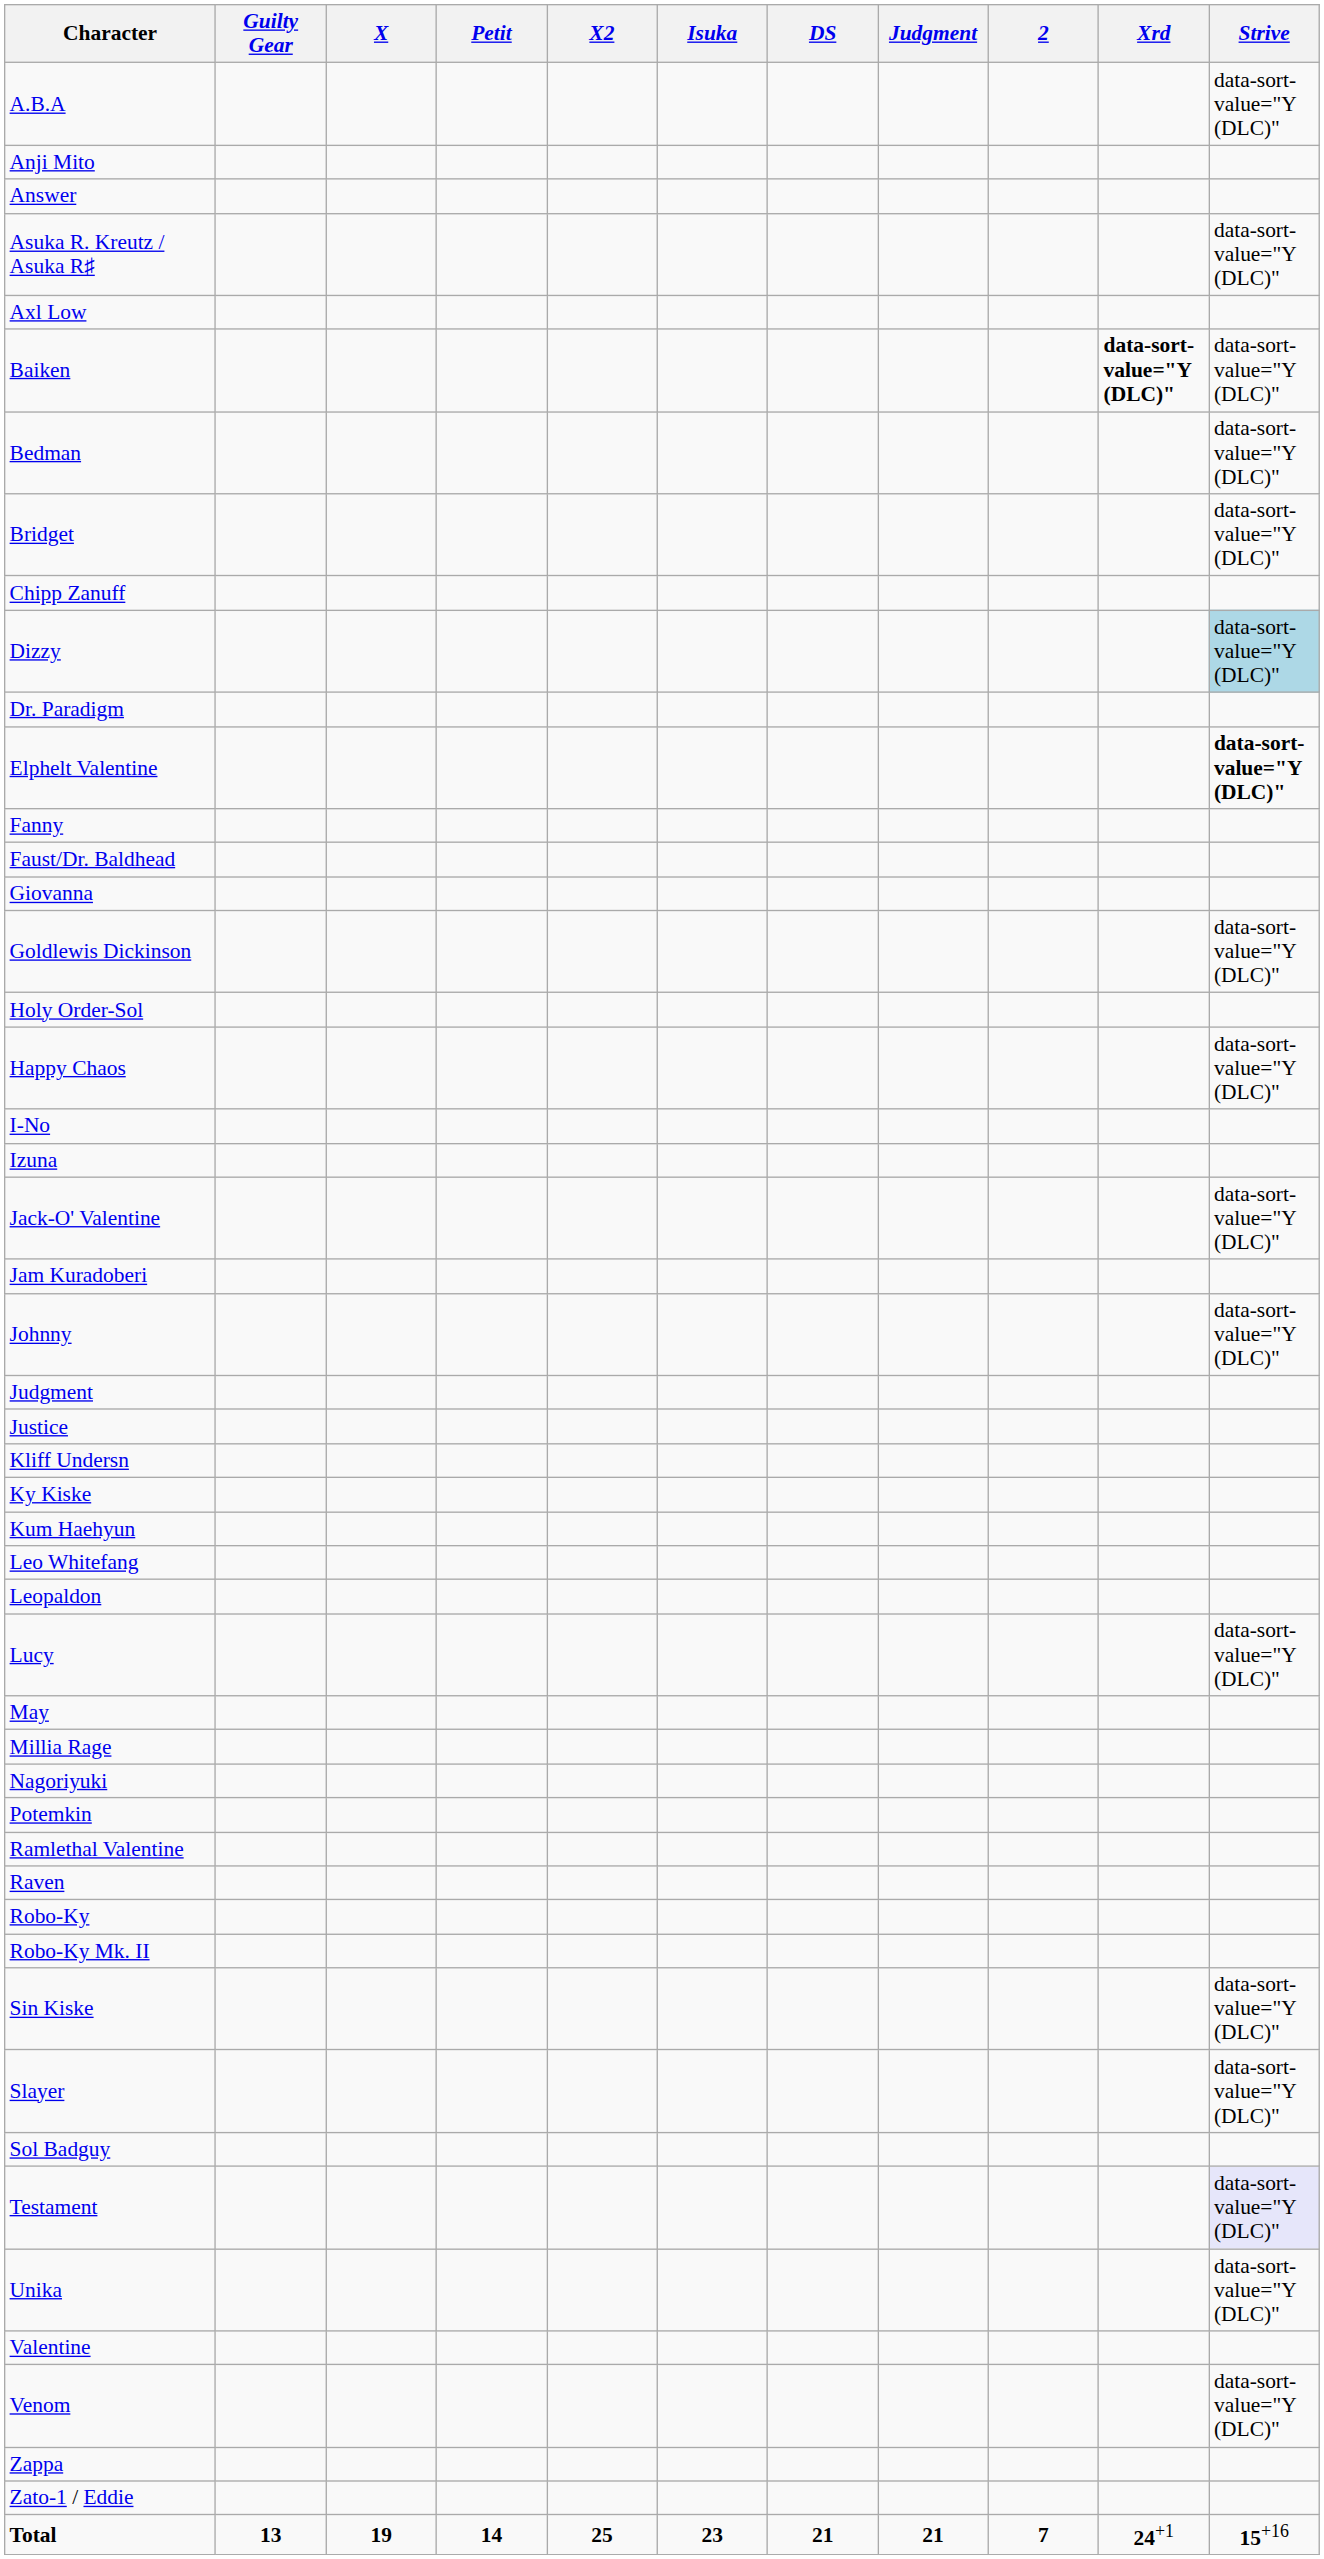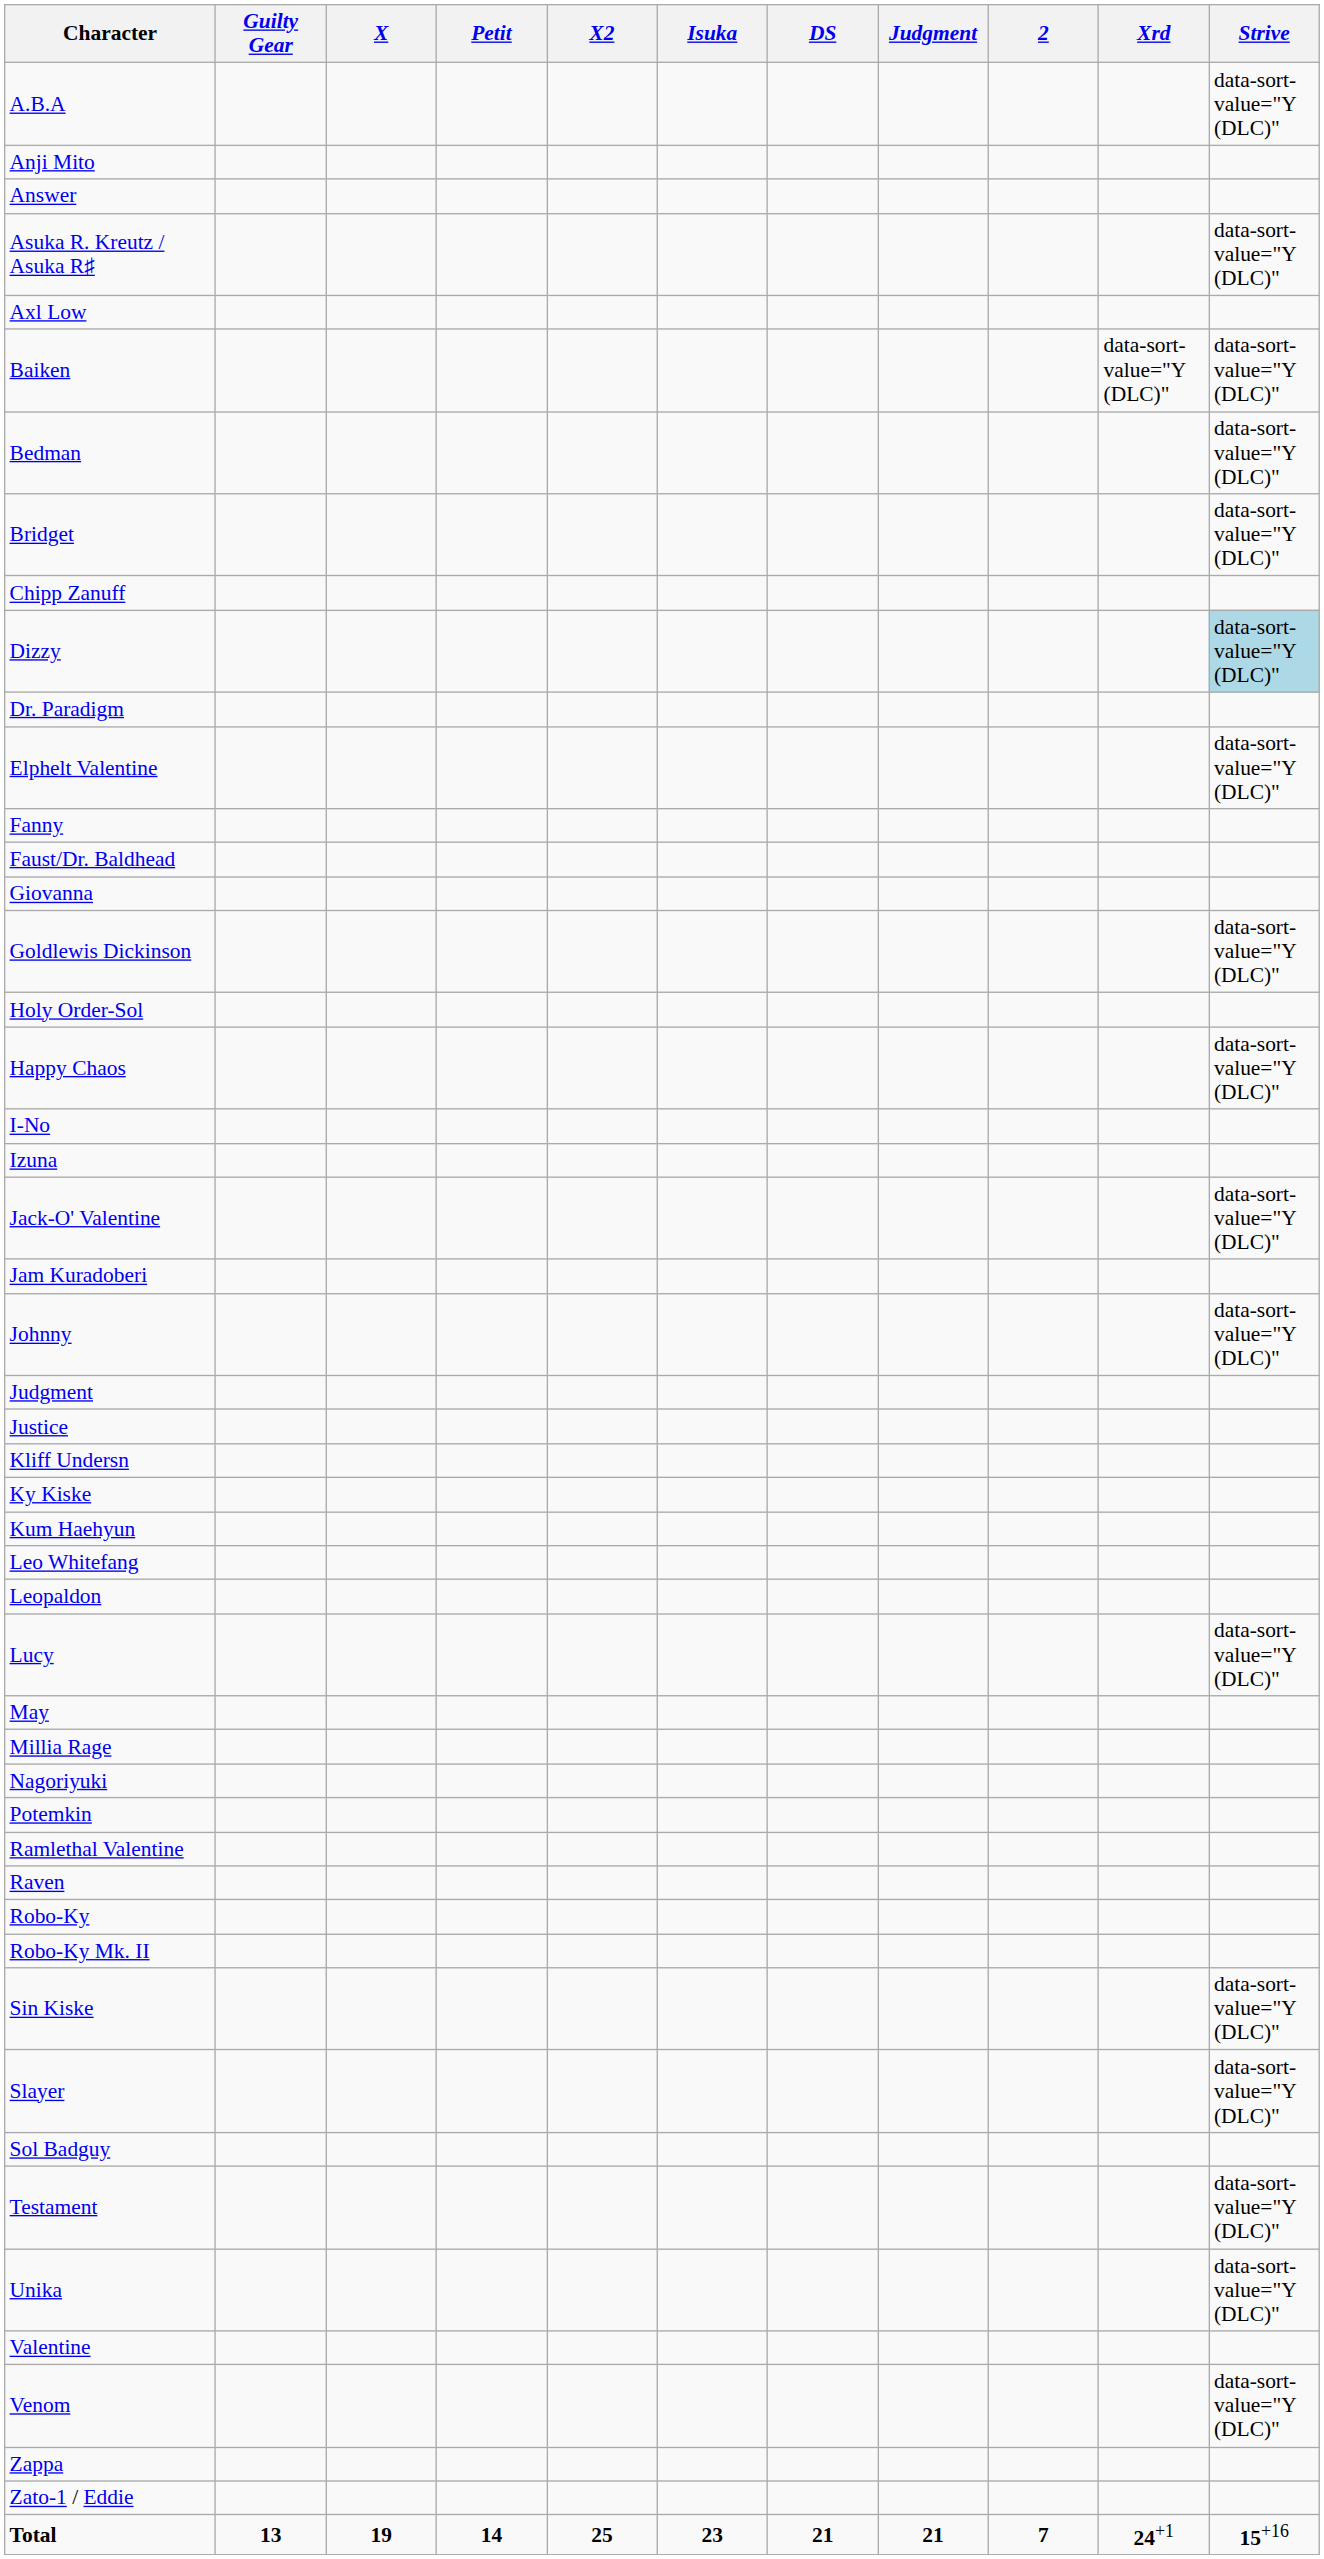 <table class="wikitable sortable">
 <tr>
 <th width=150>Character</th>
 <th style="text-align:center; width:75px;"><em><a href='#'>Guilty Gear</a></em></th>
 <th style="text-align:center; width:75px;"><em><a href='#'>X</a></em></th>
 <th style="text-align:center; width:75px;"><em><a href='#'>Petit</a></em></th>
 <th style="text-align:center; width:75px;"><em><a href='#'>X2</a></em></th>
 <th style="text-align:center; width:75px;"><em><a href='#'>Isuka</a></em></th>
 <th style="text-align:center; width:75px;"><em><a href='#'>DS</a></em></th>
 <th style="text-align:center; width:75px;"><em><a href='#'>Judgment</a></em></th>
 <th style="text-align:center; width:75px;"><em><a href='#'>2</a></em></th>
 <th style="text-align:center; width:75px;"><em><a href='#'>Xrd</a></em></th>
 <th style="text-align:center; width:75px;"><em><a href='#'>Strive</a></em></th>
 </tr>
 <tr>
 <td> <a href='#'>A.B.A</a></td>
 <td></td>
 <td></td>
 <td></td>
 <td></td>
 <td></td>
 <td></td>
 <td></td>
 <td></td>
 <td></td>
 <td>data-sort-value="Y (DLC)" </td>
 </tr>
 <tr>
 <td> <a href='#'>Anji Mito</a></td>
 <td></td>
 <td></td>
 <td></td>
 <td></td>
 <td></td>
 <td></td>
 <td></td>
 <td></td>
 <td></td>
 <td></td>
 </tr>
 <tr>
 <td> <a href='#'>Answer</a></td>
 <td></td>
 <td></td>
 <td></td>
 <td></td>
 <td></td>
 <td></td>
 <td></td>
 <td></td>
 <td></td>
 <td></td>
 </tr>
 <tr>
 <td> <a href='#'>Asuka R. Kreutz / Asuka R♯</a></td>
 <td></td>
 <td></td>
 <td></td>
 <td></td>
 <td></td>
 <td></td>
 <td></td>
 <td></td>
 <td></td>
 <td>data-sort-value="Y (DLC)" </td>
 </tr>
 <tr>
 <td> <a href='#'>Axl Low</a></td>
 <td></td>
 <td></td>
 <td></td>
 <td></td>
 <td></td>
 <td></td>
 <td></td>
 <td></td>
 <td></td>
 <td></td>
 </tr>
 <tr>
 <td> <a href='#'>Baiken</a></td>
 <td></td>
 <td></td>
 <td></td>
 <td></td>
 <td></td>
 <td></td>
 <td></td>
 <td></td>
-<td><strong>data-sort-value="Y (DLC)" </strong></td>
+<td>data-sort-value="Y (DLC)" </td>
 <td>data-sort-value="Y (DLC)" </td>
 </tr>
 <tr>
 <td> <a href='#'>Bedman</a></td>
 <td></td>
 <td></td>
 <td></td>
 <td></td>
 <td></td>
 <td></td>
 <td></td>
 <td></td>
 <td></td>
 <td>data-sort-value="Y (DLC)" </td>
 </tr>
 <tr>
 <td> <a href='#'>Bridget</a></td>
 <td></td>
 <td></td>
 <td></td>
 <td></td>
 <td></td>
 <td></td>
 <td></td>
 <td></td>
 <td></td>
 <td>data-sort-value="Y (DLC)" </td>
 </tr>
 <tr>
 <td> <a href='#'>Chipp Zanuff</a></td>
 <td></td>
 <td></td>
 <td></td>
 <td></td>
 <td></td>
 <td></td>
 <td></td>
 <td></td>
 <td></td>
 <td></td>
 </tr>
 <tr>
 <td> <a href='#'>Dizzy</a></td>
 <td></td>
 <td></td>
 <td></td>
 <td></td>
 <td></td>
 <td></td>
 <td></td>
 <td></td>
 <td></td>
 <td style="background: lightblue;">data-sort-value="Y (DLC)" </td>
 </tr>
 <tr>
 <td> <a href='#'>Dr. Paradigm</a></td>
 <td></td>
 <td></td>
 <td></td>
 <td></td>
 <td></td>
 <td></td>
 <td></td>
 <td></td>
 <td></td>
 <td></td>
 </tr>
 <tr>
 <td> <a href='#'>Elphelt Valentine</a></td>
 <td></td>
 <td></td>
 <td></td>
 <td></td>
 <td></td>
 <td></td>
 <td></td>
 <td></td>
 <td></td>
-<td><strong>data-sort-value="Y (DLC)" </strong></td>
+<td>data-sort-value="Y (DLC)" </td>
 </tr>
 <tr>
 <td> <a href='#'>Fanny</a></td>
 <td></td>
 <td></td>
 <td></td>
 <td></td>
 <td></td>
 <td></td>
 <td></td>
 <td></td>
 <td></td>
 <td></td>
 </tr>
 <tr>
 <td> <a href='#'>Faust/Dr. Baldhead</a></td>
 <td></td>
 <td></td>
 <td></td>
 <td></td>
 <td></td>
 <td></td>
 <td></td>
 <td></td>
 <td></td>
 <td></td>
 </tr>
 <tr>
 <td> <a href='#'>Giovanna</a></td>
 <td></td>
 <td></td>
 <td></td>
 <td></td>
 <td></td>
 <td></td>
 <td></td>
 <td></td>
 <td></td>
 <td></td>
 </tr>
 <tr>
 <td> <a href='#'>Goldlewis Dickinson</a></td>
 <td></td>
 <td></td>
 <td></td>
 <td></td>
 <td></td>
 <td></td>
 <td></td>
 <td></td>
 <td></td>
 <td>data-sort-value="Y (DLC)" </td>
 </tr>
 <tr>
 <td> <a href='#'>Holy Order-Sol</a></td>
 <td></td>
 <td></td>
 <td></td>
 <td></td>
 <td></td>
 <td></td>
 <td></td>
 <td></td>
 <td></td>
 <td></td>
 </tr>
 <tr>
 <td> <a href='#'>Happy Chaos</a></td>
 <td></td>
 <td></td>
 <td></td>
 <td></td>
 <td></td>
 <td></td>
 <td></td>
 <td></td>
 <td></td>
 <td>data-sort-value="Y (DLC)" </td>
 </tr>
 <tr>
 <td> <a href='#'>I-No</a></td>
 <td></td>
 <td></td>
 <td></td>
 <td></td>
 <td></td>
 <td></td>
 <td></td>
 <td></td>
 <td></td>
 <td></td>
 </tr>
 <tr>
 <td> <a href='#'>Izuna</a></td>
 <td></td>
 <td></td>
 <td></td>
 <td></td>
 <td></td>
 <td></td>
 <td></td>
 <td></td>
 <td></td>
 <td></td>
 </tr>
 <tr>
 <td> <a href='#'>Jack-O' Valentine</a></td>
 <td></td>
 <td></td>
 <td></td>
 <td></td>
 <td></td>
 <td></td>
 <td></td>
 <td></td>
 <td></td>
 <td>data-sort-value="Y (DLC)" </td>
 </tr>
 <tr>
 <td> <a href='#'>Jam Kuradoberi</a></td>
 <td></td>
 <td></td>
 <td></td>
 <td></td>
 <td></td>
 <td></td>
 <td></td>
 <td></td>
 <td></td>
 <td></td>
 </tr>
 <tr>
 <td> <a href='#'>Johnny</a></td>
 <td></td>
 <td></td>
 <td></td>
 <td></td>
 <td></td>
 <td></td>
 <td></td>
 <td></td>
 <td></td>
 <td>data-sort-value="Y (DLC)" </td>
 </tr>
 <tr>
 <td>  <a href='#'>Judgment</a></td>
 <td></td>
 <td></td>
 <td></td>
 <td></td>
 <td></td>
 <td></td>
 <td></td>
 <td></td>
 <td></td>
 <td></td>
 </tr>
 <tr>
 <td> <a href='#'>Justice</a></td>
 <td></td>
 <td></td>
 <td></td>
 <td></td>
 <td></td>
 <td></td>
 <td></td>
 <td></td>
 <td></td>
 <td></td>
 </tr>
 <tr>
 <td> <a href='#'>Kliff Undersn</a></td>
 <td></td>
 <td></td>
 <td></td>
 <td></td>
 <td></td>
 <td></td>
 <td></td>
 <td></td>
 <td></td>
 <td></td>
 </tr>
 <tr>
 <td> <a href='#'>Ky Kiske</a></td>
 <td></td>
 <td></td>
 <td></td>
 <td></td>
 <td></td>
 <td></td>
 <td></td>
 <td></td>
 <td></td>
 <td></td>
 </tr>
 <tr>
 <td> <a href='#'>Kum Haehyun</a></td>
 <td></td>
 <td></td>
 <td></td>
 <td></td>
 <td></td>
 <td></td>
 <td></td>
 <td></td>
 <td></td>
 <td></td>
 </tr>
 <tr>
 <td> <a href='#'>Leo Whitefang</a></td>
 <td></td>
 <td></td>
 <td></td>
 <td></td>
 <td></td>
 <td></td>
 <td></td>
 <td></td>
 <td></td>
 <td></td>
 </tr>
 <tr>
 <td> <a href='#'>Leopaldon</a></td>
 <td></td>
 <td></td>
 <td></td>
 <td></td>
 <td></td>
 <td></td>
 <td></td>
 <td></td>
 <td></td>
 <td></td>
 </tr>
 <tr>
 <td> <a href='#'>Lucy</a></td>
 <td></td>
 <td></td>
 <td></td>
 <td></td>
 <td></td>
 <td></td>
 <td></td>
 <td></td>
 <td></td>
 <td>data-sort-value="Y (DLC)" </td>
 </tr>
 <tr>
 <td> <a href='#'>May</a></td>
 <td></td>
 <td></td>
 <td></td>
 <td></td>
 <td></td>
 <td></td>
 <td></td>
 <td></td>
 <td></td>
 <td></td>
 </tr>
 <tr>
 <td> <a href='#'>Millia Rage</a></td>
 <td></td>
 <td></td>
 <td></td>
 <td></td>
 <td></td>
 <td></td>
 <td></td>
 <td></td>
 <td></td>
 <td></td>
 </tr>
 <tr>
 <td> <a href='#'>Nagoriyuki</a></td>
 <td></td>
 <td></td>
 <td></td>
 <td></td>
 <td></td>
 <td></td>
 <td></td>
 <td></td>
 <td></td>
 <td></td>
 </tr>
 <tr>
 <td> <a href='#'>Potemkin</a></td>
 <td></td>
 <td></td>
 <td></td>
 <td></td>
 <td></td>
 <td></td>
 <td></td>
 <td></td>
 <td></td>
 <td></td>
 </tr>
 <tr>
 <td> <a href='#'>Ramlethal Valentine</a></td>
 <td></td>
 <td></td>
 <td></td>
 <td></td>
 <td></td>
 <td></td>
 <td></td>
 <td></td>
 <td></td>
 <td></td>
 </tr>
 <tr>
 <td> <a href='#'>Raven</a></td>
 <td></td>
 <td></td>
 <td></td>
 <td></td>
 <td></td>
 <td></td>
 <td></td>
 <td></td>
 <td></td>
 <td></td>
 </tr>
 <tr>
 <td> <a href='#'>Robo-Ky</a></td>
 <td></td>
 <td></td>
 <td></td>
 <td></td>
 <td></td>
 <td></td>
 <td></td>
 <td></td>
 <td></td>
 <td></td>
 </tr>
 <tr>
 <td> <a href='#'>Robo-Ky Mk. II</a></td>
 <td></td>
 <td></td>
 <td></td>
 <td></td>
 <td></td>
 <td></td>
 <td></td>
 <td></td>
 <td></td>
 <td></td>
 </tr>
 <tr>
 <td> <a href='#'>Sin Kiske</a></td>
 <td></td>
 <td></td>
 <td></td>
 <td></td>
 <td></td>
 <td></td>
 <td></td>
 <td></td>
 <td></td>
 <td>data-sort-value="Y (DLC)" </td>
 </tr>
 <tr>
 <td> <a href='#'>Slayer</a></td>
 <td></td>
 <td></td>
 <td></td>
 <td></td>
 <td></td>
 <td></td>
 <td></td>
 <td></td>
 <td></td>
 <td>data-sort-value="Y (DLC)" </td>
 </tr>
 <tr>
 <td> <a href='#'>Sol Badguy</a></td>
 <td></td>
 <td></td>
 <td></td>
 <td></td>
 <td></td>
 <td></td>
 <td></td>
 <td></td>
 <td></td>
 <td></td>
 </tr>
 <tr>
 <td> <a href='#'>Testament</a></td>
 <td></td>
 <td></td>
 <td></td>
 <td></td>
 <td></td>
 <td></td>
 <td></td>
 <td></td>
 <td></td>
-<td style="background: lavender;">data-sort-value="Y (DLC)" </td>
+<td>data-sort-value="Y (DLC)" </td>
 </tr>
 <tr>
 <td> <a href='#'>Unika</a></td>
 <td></td>
 <td></td>
 <td></td>
 <td></td>
 <td></td>
 <td></td>
 <td></td>
 <td></td>
 <td></td>
 <td>data-sort-value="Y (DLC)" </td>
 </tr>
 <tr>
 <td> <a href='#'>Valentine</a></td>
 <td></td>
 <td></td>
 <td></td>
 <td></td>
 <td></td>
 <td></td>
 <td></td>
 <td></td>
 <td></td>
 <td></td>
 </tr>
 <tr>
 <td> <a href='#'>Venom</a></td>
 <td></td>
 <td></td>
 <td></td>
 <td></td>
 <td></td>
 <td></td>
 <td></td>
 <td></td>
 <td></td>
 <td>data-sort-value="Y (DLC)" </td>
 </tr>
 <tr>
 <td> <a href='#'>Zappa</a></td>
 <td></td>
 <td></td>
 <td></td>
 <td></td>
 <td></td>
 <td></td>
 <td></td>
 <td></td>
 <td></td>
 <td></td>
 </tr>
 <tr>
 <td> <a href='#'>Zato-1</a> / <a href='#'>Eddie</a></td>
 <td></td>
 <td></td>
 <td></td>
 <td></td>
 <td></td>
 <td></td>
 <td></td>
 <td></td>
 <td></td>
 <td></td>
 </tr>
 <tr class="sortbottom">
 <td><strong>Total</strong></td>
 <td style="text-align:center;"><strong>13</strong></td>
 <td style="text-align:center;"><strong>19</strong></td>
 <td style="text-align:center;"><strong>14</strong></td>
 <td style="text-align:center;"><strong>25</strong></td>
 <td style="text-align:center;"><strong>23</strong></td>
 <td style="text-align:center;"><strong>21</strong></td>
 <td style="text-align:center;"><strong>21</strong></td>
 <td style="text-align:center;"><strong>7</strong></td>
 <td style="text-align:center;"><strong>24</strong><sup>+1</sup></td>
 <td style="text-align:center;"><strong>15</strong><sup>+16</sup></td>
 </tr>
 </table>
